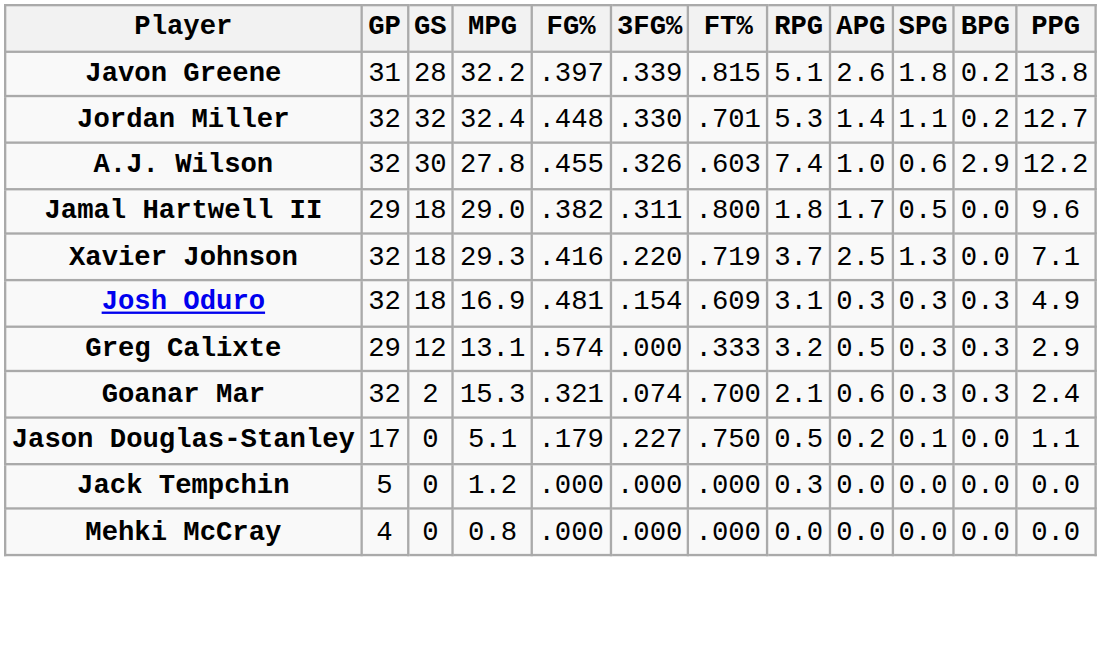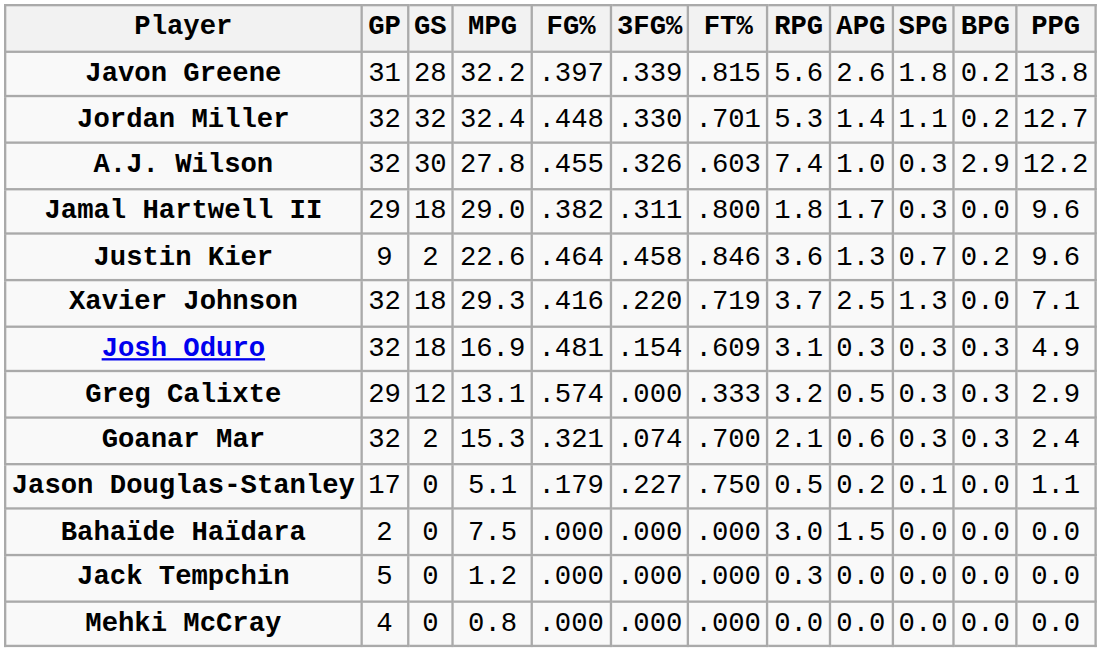 <table class="wikitable sortable" style="font-size: 90%">
 <tr>
 <th>Player</th>
 <th>GP</th>
 <th>GS</th>
 <th>MPG</th>
 <th>FG%</th>
 <th>3FG%</th>
 <th>FT%</th>
 <th>RPG</th>
 <th>APG</th>
 <th>SPG</th>
 <th>BPG</th>
 <th>PPG</th>
 </tr>
 <tr align="center" bgcolor="">
 <td><strong>Javon Greene</strong></td>
 <td>31</td>
 <td>28</td>
 <td>32.2</td>
 <td>.397</td>
 <td>.339</td>
 <td>.815</td>
-<td>5.1</td>
+<td>5.6</td>
 <td>2.6</td>
 <td>1.8</td>
 <td>0.2</td>
 <td>13.8</td>
 </tr>
 <tr align="center" bgcolor="">
 <td><strong>Jordan Miller</strong></td>
 <td>32</td>
 <td>32</td>
 <td>32.4</td>
 <td>.448</td>
 <td>.330</td>
 <td>.701</td>
 <td>5.3</td>
 <td>1.4</td>
 <td>1.1</td>
 <td>0.2</td>
 <td>12.7</td>
 </tr>
 <tr align="center" bgcolor="">
 <td><strong>A.J. Wilson</strong></td>
 <td>32</td>
 <td>30</td>
 <td>27.8</td>
 <td>.455</td>
 <td>.326</td>
 <td>.603</td>
 <td>7.4</td>
 <td>1.0</td>
-<td>0.6</td>
+<td>0.3</td>
 <td>2.9</td>
 <td>12.2</td>
 </tr>
 <tr align="center" bgcolor="">
 <td><strong>Jamal Hartwell II</strong></td>
 <td>29</td>
 <td>18</td>
 <td>29.0</td>
 <td>.382</td>
 <td>.311</td>
 <td>.800</td>
 <td>1.8</td>
 <td>1.7</td>
-<td>0.5</td>
+<td>0.3</td>
 <td>0.0</td>
+<td>9.6</td>
+</tr>
+<tr align="center" bgcolor="">
+<td><strong>Justin Kier</strong></td>
+<td>9</td>
+<td>2</td>
+<td>22.6</td>
+<td>.464</td>
+<td>.458</td>
+<td>.846</td>
+<td>3.6</td>
+<td>1.3</td>
+<td>0.7</td>
+<td>0.2</td>
 <td>9.6</td>
 </tr>
 <tr align="center" bgcolor="">
 <td><strong>Xavier Johnson</strong></td>
 <td>32</td>
 <td>18</td>
 <td>29.3</td>
 <td>.416</td>
 <td>.220</td>
 <td>.719</td>
 <td>3.7</td>
 <td>2.5</td>
 <td>1.3</td>
 <td>0.0</td>
 <td>7.1</td>
 </tr>
 <tr align="center" bgcolor="">
 <td><strong><a href='#'>Josh Oduro</a></strong></td>
 <td>32</td>
 <td>18</td>
 <td>16.9</td>
 <td>.481</td>
 <td>.154</td>
 <td>.609</td>
 <td>3.1</td>
 <td>0.3</td>
 <td>0.3</td>
 <td>0.3</td>
 <td>4.9</td>
 </tr>
 <tr align="center" bgcolor="">
 <td><strong>Greg Calixte</strong></td>
 <td>29</td>
 <td>12</td>
 <td>13.1</td>
 <td>.574</td>
 <td>.000</td>
 <td>.333</td>
 <td>3.2</td>
 <td>0.5</td>
 <td>0.3</td>
 <td>0.3</td>
 <td>2.9</td>
 </tr>
 <tr align="center" bgcolor="">
 <td><strong>Goanar Mar</strong></td>
 <td>32</td>
 <td>2</td>
 <td>15.3</td>
 <td>.321</td>
 <td>.074</td>
 <td>.700</td>
 <td>2.1</td>
 <td>0.6</td>
 <td>0.3</td>
 <td>0.3</td>
 <td>2.4</td>
 </tr>
 <tr align="center" bgcolor="">
 <td><strong>Jason Douglas-Stanley</strong></td>
 <td>17</td>
 <td>0</td>
 <td>5.1</td>
 <td>.179</td>
 <td>.227</td>
 <td>.750</td>
 <td>0.5</td>
 <td>0.2</td>
 <td>0.1</td>
 <td>0.0</td>
 <td>1.1</td>
 </tr>
 <tr align="center" bgcolor="">
+<td><strong>Bahaïde Haïdara</strong></td>
+<td>2</td>
+<td>0</td>
+<td>7.5</td>
+<td>.000</td>
+<td>.000</td>
+<td>.000</td>
+<td>3.0</td>
+<td>1.5</td>
+<td>0.0</td>
+<td>0.0</td>
+<td>0.0</td>
+</tr>
+<tr align="center" bgcolor="">
 <td><strong>Jack Tempchin</strong></td>
 <td>5</td>
 <td>0</td>
 <td>1.2</td>
 <td>.000</td>
 <td>.000</td>
 <td>.000</td>
 <td>0.3</td>
 <td>0.0</td>
 <td>0.0</td>
 <td>0.0</td>
 <td>0.0</td>
 </tr>
 <tr align="center" bgcolor="">
 <td><strong>Mehki McCray</strong></td>
 <td>4</td>
 <td>0</td>
 <td>0.8</td>
 <td>.000</td>
 <td>.000</td>
 <td>.000</td>
 <td>0.0</td>
 <td>0.0</td>
 <td>0.0</td>
 <td>0.0</td>
 <td>0.0</td>
 </tr>
 </table>
